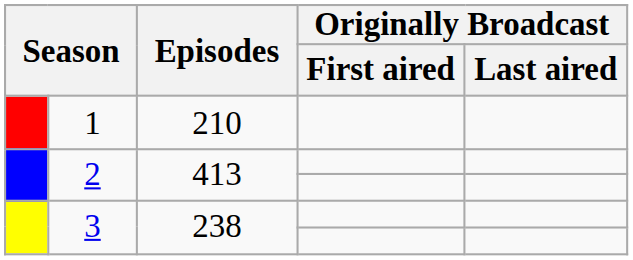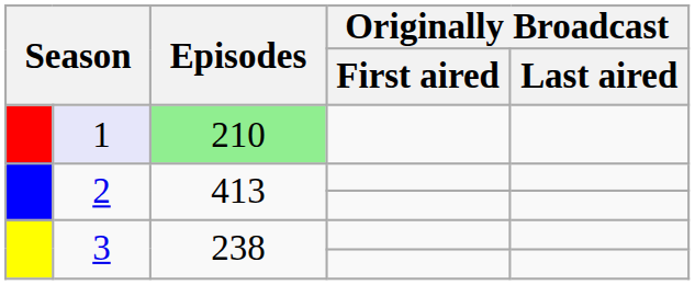 <table class="wikitable" style="text-align:center">
 <tr>
 <th style="padding: 0 8px" colspan="2" rowspan="2">Season</th>
 <th style="padding: 0 8px" rowspan="2">Episodes</th>
 <th style="padding: 0 8px" colspan="2">Originally Broadcast</th>
 </tr>
 <tr>
 <th style="padding: 1 8px">First aired</th>
 <th style="padding: 1 8px">Last aired</th>
 </tr>
 <tr>
 <td style="background:Red"></td>
-<td align="center">1</td>
-<td align="center">210</td>
+<td align="center" style="background: lavender;">1</td>
+<td align="center" style="background: lightgreen;">210</td>
 <td align="center"></td>
 <td align="center"></td>
 </tr>
 <tr>
 <td style="background:Blue" rowspan="2"></td>
 <td align="center" rowspan="2"><a href='#'>2</a></td>
 <td align="center" rowspan="2">413</td>
 <td align="center"></td>
 <td align="center"></td>
 </tr>
 <tr>
 <td align="center"></td>
 <td align="center"></td>
 </tr>
 <tr>
 <td style="background:Yellow" rowspan="2"></td>
 <td align="center" rowspan="2"><a href='#'>3</a></td>
 <td align="center" rowspan="2">238</td>
 <td align="center"></td>
 <td align="center"></td>
 </tr>
 <tr>
 <td align="center"></td>
 <td align="center"></td>
 </tr>
 </table>
